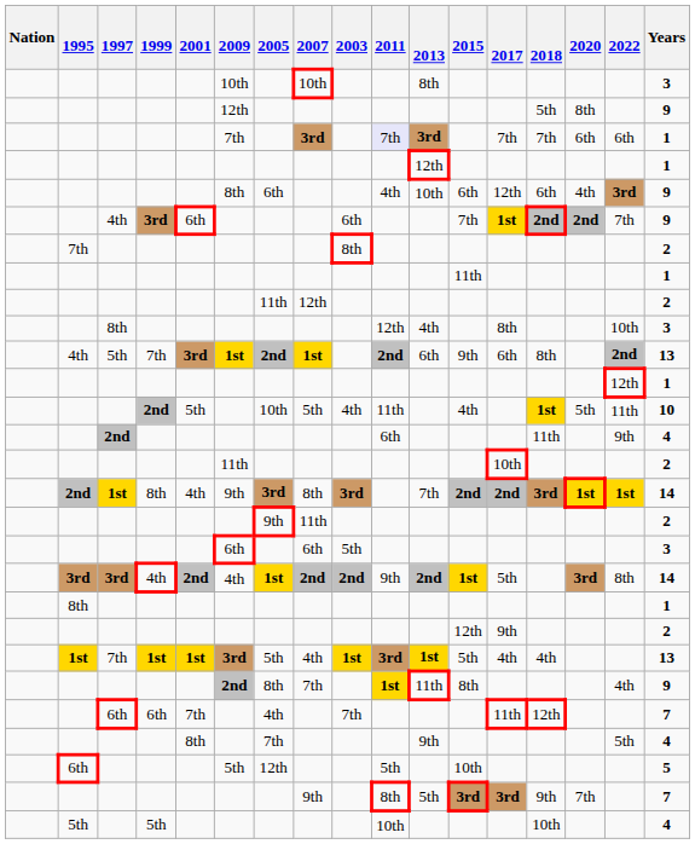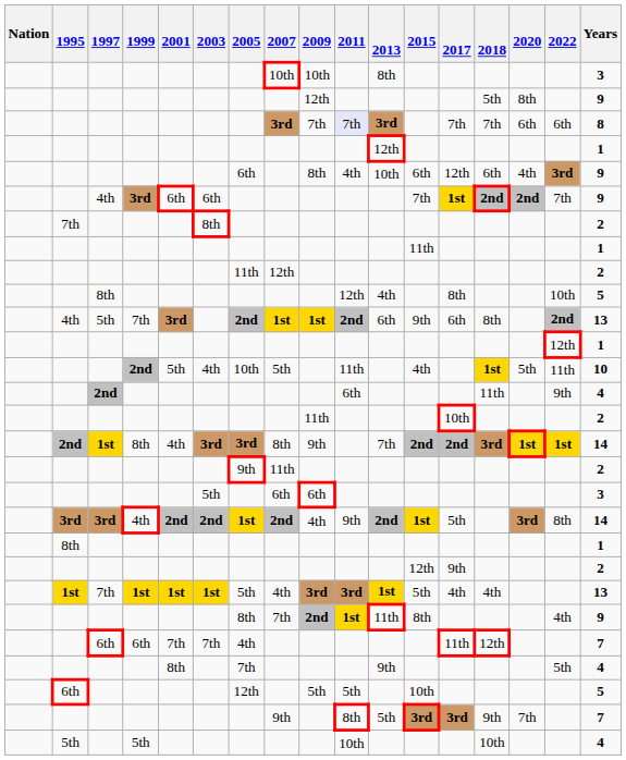 <table class="wikitable" style="text-align:center; font-size:90%">
 <tr>
 <th width=170>Nation</th>
 <th><br><a href='#'>1995</a></th>
 <th><br><a href='#'>1997</a></th>
 <th><br><a href='#'>1999</a></th>
 <th><br><a href='#'>2001</a></th>
-<th><br><a href='#'>2009</a></th>
+<th><br><a href='#'>2003</a></th>
 <th><br><a href='#'>2005</a></th>
 <th><br><a href='#'>2007</a></th>
-<th><br><a href='#'>2003</a></th>
+<th><br><a href='#'>2009</a></th>
 <th><br><a href='#'>2011</a></th>
 <th><br><br><a href='#'>2013</a></th>
 <th><br><a href='#'>2015</a></th>
 <th><br><br><a href='#'>2017</a></th>
 <th><br><br><a href='#'>2018</a></th>
 <th><br><a href='#'>2020</a></th>
 <th><br><a href='#'>2022</a></th>
 <th>Years</th>
 </tr>
 <tr>
 <td align=left></td>
 <td></td>
 <td></td>
 <td></td>
 <td></td>
-<td>10th</td>
+<td></td>
 <td></td>
 <td style="border:3px solid red">10th</td>
-<td></td>
+<td>10th</td>
 <td></td>
 <td>8th</td>
 <td></td>
 <td></td>
 <td></td>
 <td></td>
 <td></td>
 <td><strong>3</strong></td>
 </tr>
 <tr>
 <td align=left></td>
 <td></td>
 <td></td>
 <td></td>
 <td></td>
-<td>12th</td>
 <td></td>
 <td></td>
 <td></td>
+<td>12th</td>
 <td></td>
 <td></td>
 <td></td>
 <td></td>
 <td>5th</td>
 <td>8th</td>
 <td></td>
 <td><strong>9</strong></td>
 </tr>
 <tr>
 <td align=left></td>
 <td></td>
 <td></td>
 <td></td>
 <td></td>
-<td>7th</td>
+<td></td>
 <td></td>
 <td bgcolor=#cc9966><strong>3rd</strong></td>
-<td></td>
+<td>7th</td>
 <td style="background: lavender;">7th</td>
 <td bgcolor=#cc9966><strong>3rd</strong></td>
 <td></td>
 <td>7th</td>
 <td>7th</td>
 <td>6th</td>
 <td>6th</td>
-<td><strong>1</strong></td>
+<td><strong>8</strong></td>
 </tr>
 <tr>
 <td align=left></td>
 <td></td>
 <td></td>
 <td></td>
 <td></td>
 <td></td>
 <td></td>
 <td></td>
 <td></td>
 <td></td>
 <td style="border:3px solid red">12th</td>
 <td></td>
 <td></td>
 <td></td>
 <td></td>
 <td></td>
 <td><strong>1</strong></td>
 </tr>
 <tr>
 <td align=left></td>
 <td></td>
 <td></td>
 <td></td>
 <td></td>
-<td>8th</td>
+<td></td>
 <td>6th</td>
 <td></td>
-<td></td>
+<td>8th</td>
 <td>4th</td>
 <td>10th</td>
 <td>6th</td>
 <td>12th</td>
 <td>6th</td>
 <td>4th</td>
 <td bgcolor=#cc9966><strong>3rd</strong></td>
 <td><strong>9</strong></td>
 </tr>
 <tr>
 <td align=left></td>
 <td></td>
 <td>4th</td>
 <td bgcolor=#cc9966><strong>3rd</strong></td>
 <td style="border:3px solid red">6th</td>
+<td>6th</td>
 <td></td>
 <td></td>
 <td></td>
-<td>6th</td>
 <td></td>
 <td></td>
 <td>7th</td>
 <td bgcolor=gold><strong>1st</strong></td>
 <td style="border:3px solid red" bgcolor=silver><strong>2nd</strong></td>
 <td bgcolor=silver><strong>2nd</strong></td>
 <td>7th</td>
 <td><strong>9</strong></td>
 </tr>
 <tr>
 <td align=left></td>
 <td>7th</td>
 <td></td>
 <td></td>
 <td></td>
+<td style="border:3px solid red">8th</td>
 <td></td>
 <td></td>
 <td></td>
-<td style="border:3px solid red">8th</td>
 <td></td>
 <td></td>
 <td></td>
 <td></td>
 <td></td>
 <td></td>
 <td></td>
 <td><strong>2</strong></td>
 </tr>
 <tr>
 <td align=left></td>
 <td></td>
 <td></td>
 <td></td>
 <td></td>
 <td></td>
 <td></td>
 <td></td>
 <td></td>
 <td></td>
 <td></td>
 <td>11th</td>
 <td></td>
 <td></td>
 <td></td>
 <td></td>
 <td><strong>1</strong></td>
 </tr>
 <tr>
 <td align=left></td>
 <td></td>
 <td></td>
 <td></td>
 <td></td>
 <td></td>
 <td>11th</td>
 <td>12th</td>
 <td></td>
 <td></td>
 <td></td>
 <td></td>
 <td></td>
 <td></td>
 <td></td>
 <td></td>
 <td><strong>2</strong></td>
 </tr>
 <tr>
 <td align=left></td>
 <td></td>
 <td>8th</td>
 <td></td>
 <td></td>
 <td></td>
 <td></td>
 <td></td>
 <td></td>
 <td>12th</td>
 <td>4th</td>
 <td></td>
 <td>8th</td>
 <td></td>
 <td></td>
 <td>10th</td>
-<td><strong>3</strong></td>
+<td><strong>5</strong></td>
 </tr>
 <tr>
 <td align=left></td>
 <td>4th</td>
 <td>5th</td>
 <td>7th</td>
 <td bgcolor=#cc9966><strong>3rd</strong></td>
-<td bgcolor=gold><strong>1st</strong></td>
+<td></td>
 <td bgcolor=silver><strong>2nd</strong></td>
 <td bgcolor=gold><strong>1st</strong></td>
-<td></td>
+<td bgcolor=gold><strong>1st</strong></td>
 <td bgcolor=silver><strong>2nd</strong></td>
 <td>6th</td>
 <td>9th</td>
 <td>6th</td>
 <td>8th</td>
 <td></td>
 <td bgcolor=silver><strong>2nd</strong></td>
 <td><strong>13</strong></td>
 </tr>
 <tr>
 <td align=left></td>
 <td></td>
 <td></td>
 <td></td>
 <td></td>
 <td></td>
 <td></td>
 <td></td>
 <td></td>
 <td></td>
 <td></td>
 <td></td>
 <td></td>
 <td></td>
 <td></td>
 <td style="border:3px solid red">12th</td>
 <td><strong>1</strong></td>
 </tr>
 <tr>
 <td align=left></td>
 <td></td>
 <td></td>
 <td bgcolor=silver><strong>2nd</strong></td>
 <td>5th</td>
-<td></td>
+<td>4th</td>
 <td>10th</td>
 <td>5th</td>
-<td>4th</td>
+<td></td>
 <td>11th</td>
 <td></td>
 <td>4th</td>
 <td></td>
 <td bgcolor=gold><strong>1st</strong></td>
 <td>5th</td>
 <td>11th</td>
 <td><strong>10</strong></td>
 </tr>
 <tr>
 <td align=left></td>
 <td></td>
 <td bgcolor=silver><strong>2nd</strong></td>
 <td></td>
 <td></td>
 <td></td>
 <td></td>
 <td></td>
 <td></td>
 <td>6th</td>
 <td></td>
 <td></td>
 <td></td>
 <td>11th</td>
 <td></td>
 <td>9th</td>
 <td><strong>4</strong></td>
 </tr>
 <tr>
 <td align=left></td>
 <td></td>
 <td></td>
 <td></td>
 <td></td>
-<td>11th</td>
 <td></td>
 <td></td>
 <td></td>
+<td>11th</td>
 <td></td>
 <td></td>
 <td></td>
 <td style="border:3px solid red">10th</td>
 <td></td>
 <td></td>
 <td></td>
 <td><strong>2</strong></td>
 </tr>
 <tr>
 <td align=left></td>
 <td bgcolor=silver><strong>2nd</strong></td>
 <td bgcolor=gold><strong>1st</strong></td>
 <td>8th</td>
 <td>4th</td>
-<td>9th</td>
+<td bgcolor=#cc9966><strong>3rd</strong></td>
 <td bgcolor=#cc9966><strong>3rd</strong></td>
 <td>8th</td>
-<td bgcolor=#cc9966><strong>3rd</strong></td>
+<td>9th</td>
 <td></td>
 <td>7th</td>
 <td bgcolor=silver><strong>2nd</strong></td>
 <td bgcolor=silver><strong>2nd</strong></td>
 <td bgcolor=#cc9966><strong>3rd</strong></td>
 <td style="border:3px solid red" bgcolor=gold><strong>1st</strong></td>
 <td bgcolor=gold><strong>1st</strong></td>
 <td><strong>14</strong></td>
 </tr>
 <tr>
 <td align=left></td>
 <td></td>
 <td></td>
 <td></td>
 <td></td>
 <td></td>
 <td style="border:3px solid red">9th</td>
 <td>11th</td>
 <td></td>
 <td></td>
 <td></td>
 <td></td>
 <td></td>
 <td></td>
 <td></td>
 <td></td>
 <td><strong>2</strong></td>
 </tr>
 <tr>
 <td align=left></td>
 <td></td>
 <td></td>
 <td></td>
 <td></td>
-<td style="border:3px solid red">6th</td>
+<td>5th</td>
 <td></td>
 <td>6th</td>
-<td>5th</td>
+<td style="border:3px solid red">6th</td>
 <td></td>
 <td></td>
 <td></td>
 <td></td>
 <td></td>
 <td></td>
 <td></td>
 <td><strong>3</strong></td>
 </tr>
 <tr>
 <td align=left></td>
 <td bgcolor=#cc9966><strong>3rd</strong></td>
 <td bgcolor=#cc9966><strong>3rd</strong></td>
 <td style="border:3px solid red">4th</td>
 <td bgcolor=silver><strong>2nd</strong></td>
-<td>4th</td>
+<td bgcolor=silver><strong>2nd</strong></td>
 <td bgcolor=gold><strong>1st</strong></td>
 <td bgcolor=silver><strong>2nd</strong></td>
-<td bgcolor=silver><strong>2nd</strong></td>
+<td>4th</td>
 <td>9th</td>
 <td bgcolor=silver><strong>2nd</strong></td>
 <td bgcolor=gold><strong>1st</strong></td>
 <td>5th</td>
 <td></td>
 <td bgcolor=#cc9966><strong>3rd</strong></td>
 <td>8th</td>
 <td><strong>14</strong></td>
 </tr>
 <tr>
 <td align=left></td>
 <td>8th</td>
 <td></td>
 <td></td>
 <td></td>
 <td></td>
 <td></td>
 <td></td>
 <td></td>
 <td></td>
 <td></td>
 <td></td>
 <td></td>
 <td></td>
 <td></td>
 <td></td>
 <td><strong>1</strong></td>
 </tr>
 <tr>
 <td align=left></td>
 <td></td>
 <td></td>
 <td></td>
 <td></td>
 <td></td>
 <td></td>
 <td></td>
 <td></td>
 <td></td>
 <td></td>
 <td>12th</td>
 <td>9th</td>
 <td></td>
 <td></td>
 <td></td>
 <td><strong>2</strong></td>
 </tr>
 <tr>
 <td align=left></td>
 <td bgcolor=gold><strong>1st</strong></td>
 <td>7th</td>
 <td bgcolor=gold><strong>1st</strong></td>
 <td bgcolor=gold><strong>1st</strong></td>
-<td bgcolor=#cc9966><strong>3rd</strong></td>
+<td bgcolor=gold><strong>1st</strong></td>
 <td>5th</td>
 <td>4th</td>
-<td bgcolor=gold><strong>1st</strong></td>
+<td bgcolor=#cc9966><strong>3rd</strong></td>
 <td bgcolor=#cc9966><strong>3rd</strong></td>
 <td bgcolor=gold><strong>1st</strong></td>
 <td>5th</td>
 <td>4th</td>
 <td>4th</td>
 <td></td>
 <td></td>
 <td><strong>13</strong></td>
 </tr>
 <tr>
 <td align=left></td>
 <td></td>
 <td></td>
 <td></td>
 <td></td>
-<td bgcolor=silver><strong>2nd</strong></td>
+<td></td>
 <td>8th</td>
 <td>7th</td>
-<td></td>
+<td bgcolor=silver><strong>2nd</strong></td>
 <td bgcolor=gold><strong>1st</strong></td>
 <td style="border:3px solid red">11th</td>
 <td>8th</td>
 <td></td>
 <td></td>
 <td></td>
 <td>4th</td>
 <td><strong>9</strong></td>
 </tr>
 <tr>
 <td align=left></td>
 <td></td>
 <td style="border:3px solid red">6th</td>
 <td>6th</td>
 <td>7th</td>
-<td></td>
+<td>7th</td>
 <td>4th</td>
 <td></td>
-<td>7th</td>
+<td></td>
 <td></td>
 <td></td>
 <td></td>
 <td style="border:3px solid red">11th</td>
 <td style="border:3px solid red">12th</td>
 <td></td>
 <td></td>
 <td><strong>7</strong></td>
 </tr>
 <tr>
 <td align=left></td>
 <td></td>
 <td></td>
 <td></td>
 <td>8th</td>
 <td></td>
 <td>7th</td>
 <td></td>
 <td></td>
 <td></td>
 <td>9th</td>
 <td></td>
 <td></td>
 <td></td>
 <td></td>
 <td>5th</td>
 <td><strong>4</strong></td>
 </tr>
 <tr>
 <td align=left></td>
 <td style="border:3px solid red">6th</td>
 <td></td>
 <td></td>
 <td></td>
-<td>5th</td>
+<td></td>
 <td>12th</td>
 <td></td>
-<td></td>
+<td>5th</td>
 <td>5th</td>
 <td></td>
 <td>10th</td>
 <td></td>
 <td></td>
 <td></td>
 <td></td>
 <td><strong>5</strong></td>
 </tr>
 <tr>
 <td align=left></td>
 <td></td>
 <td></td>
 <td></td>
 <td></td>
 <td></td>
 <td></td>
 <td>9th</td>
 <td></td>
 <td style="border:3px solid red">8th</td>
 <td>5th</td>
 <td style="border:3px solid red" bgcolor=#cc9966><strong>3rd</strong></td>
 <td bgcolor=#cc9966><strong>3rd</strong></td>
 <td>9th</td>
 <td>7th</td>
 <td></td>
 <td><strong>7</strong></td>
 </tr>
 <tr>
 <td align=left></td>
 <td>5th</td>
 <td></td>
 <td>5th</td>
 <td></td>
 <td></td>
 <td></td>
 <td></td>
 <td></td>
 <td>10th</td>
 <td></td>
 <td></td>
 <td></td>
 <td>10th</td>
 <td></td>
 <td></td>
 <td><strong>4</strong></td>
 </tr>
 </table>
